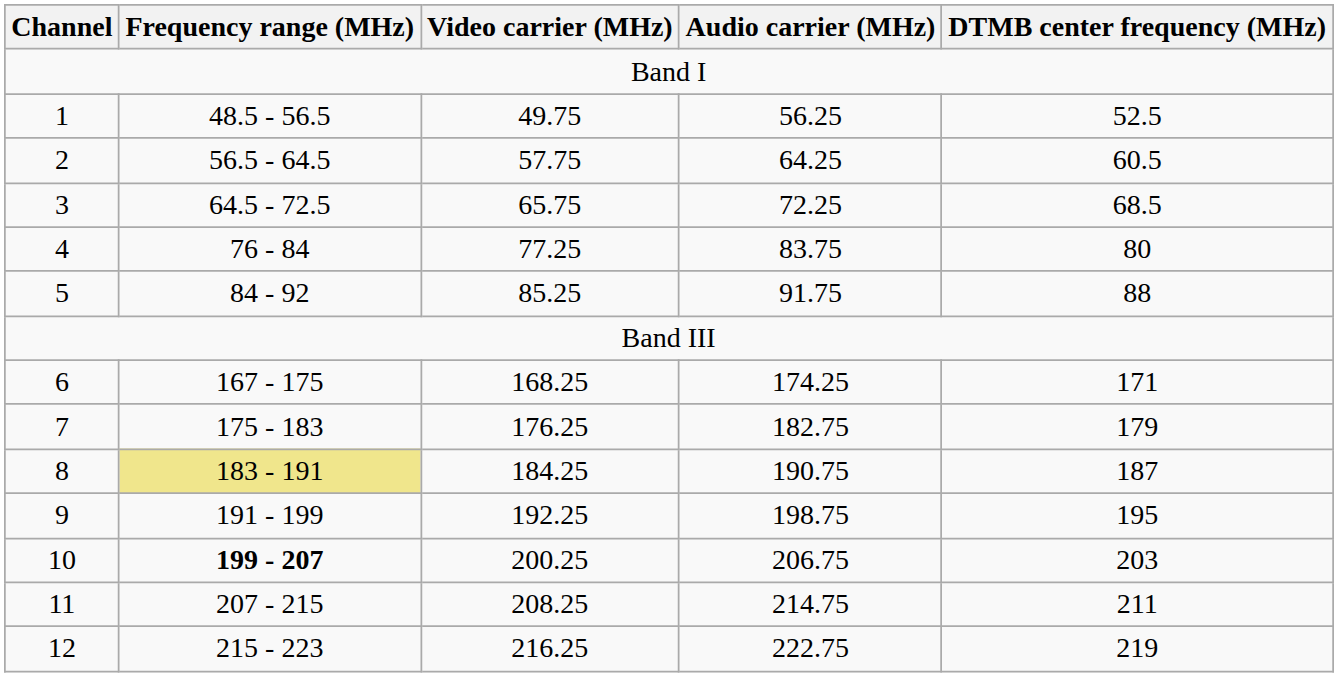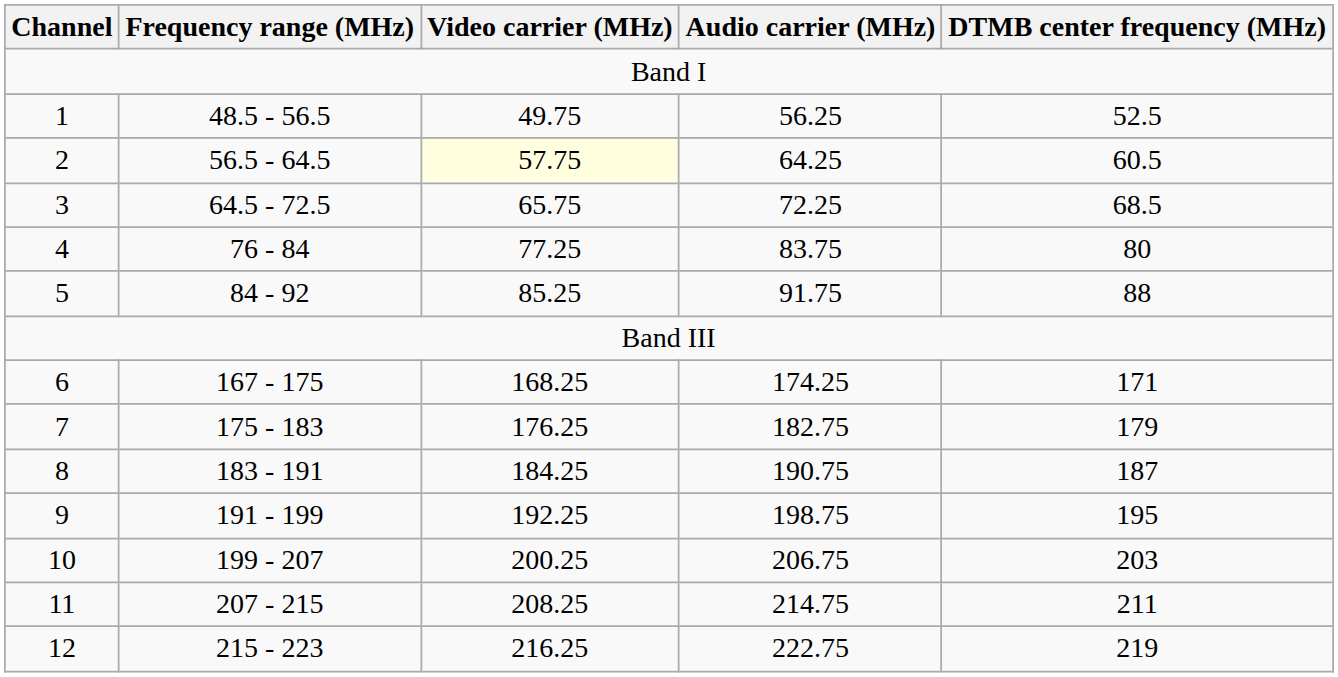 <table class="wikitable" style="text-align: center; border-collapse:collapse">
 <tr>
 <th>Channel</th>
 <th>Frequency range (MHz)</th>
 <th>Video carrier (MHz)</th>
 <th>Audio carrier (MHz)</th>
 <th>DTMB center frequency (MHz)</th>
 </tr>
 <tr>
 <td colspan="5">Band I</td>
 </tr>
 <tr>
 <td>1</td>
 <td>48.5 - 56.5</td>
 <td>49.75</td>
 <td>56.25</td>
 <td>52.5</td>
 </tr>
 <tr>
 <td>2</td>
 <td>56.5 - 64.5</td>
-<td>57.75</td>
+<td style="background: lightyellow;">57.75</td>
 <td>64.25</td>
 <td>60.5</td>
 </tr>
 <tr>
 <td>3</td>
 <td>64.5 - 72.5</td>
 <td>65.75</td>
 <td>72.25</td>
 <td>68.5</td>
 </tr>
 <tr>
 <td>4</td>
 <td>76 - 84</td>
 <td>77.25</td>
 <td>83.75</td>
 <td>80</td>
 </tr>
 <tr>
 <td>5</td>
 <td>84 - 92</td>
 <td>85.25</td>
 <td>91.75</td>
 <td>88</td>
 </tr>
 <tr>
 <td colspan="5">Band III</td>
 </tr>
 <tr>
 <td>6</td>
 <td>167 - 175</td>
 <td>168.25</td>
 <td>174.25</td>
 <td>171</td>
 </tr>
 <tr>
 <td>7</td>
 <td>175 - 183</td>
 <td>176.25</td>
 <td>182.75</td>
 <td>179</td>
 </tr>
 <tr>
 <td>8</td>
-<td style="background: khaki;">183 - 191</td>
+<td>183 - 191</td>
 <td>184.25</td>
 <td>190.75</td>
 <td>187</td>
 </tr>
 <tr>
 <td>9</td>
 <td>191 - 199</td>
 <td>192.25</td>
 <td>198.75</td>
 <td>195</td>
 </tr>
 <tr>
 <td>10</td>
-<td><strong>199 - 207</strong></td>
+<td>199 - 207</td>
 <td>200.25</td>
 <td>206.75</td>
 <td>203</td>
 </tr>
 <tr>
 <td>11</td>
 <td>207 - 215</td>
 <td>208.25</td>
 <td>214.75</td>
 <td>211</td>
 </tr>
 <tr>
 <td>12</td>
 <td>215 - 223</td>
 <td>216.25</td>
 <td>222.75</td>
 <td>219</td>
 </tr>
 </table>
